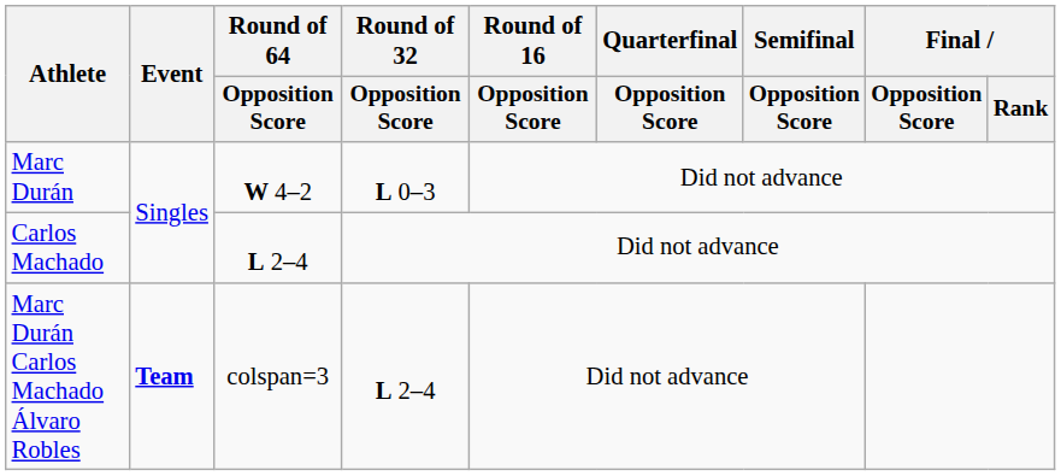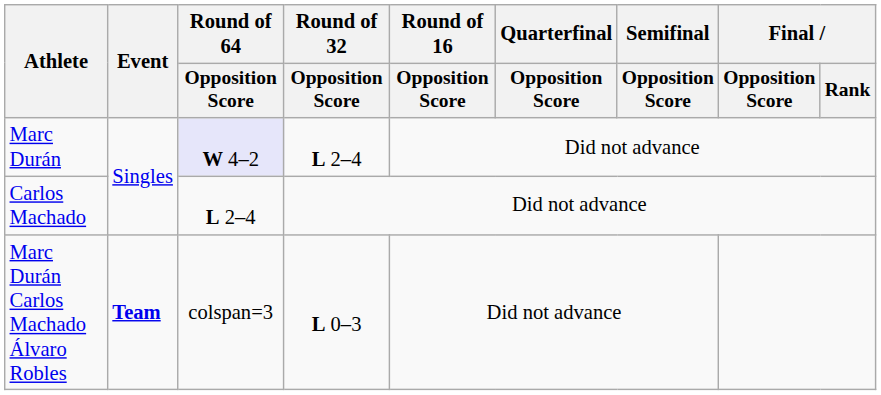 <table class=wikitable style="font-size:90%">
 <tr>
 <th rowspan=2>Athlete</th>
 <th rowspan=2>Event</th>
 <th>Round of 64</th>
 <th>Round of 32</th>
 <th>Round of 16</th>
 <th>Quarterfinal</th>
 <th>Semifinal</th>
 <th colspan=2>Final / </th>
 </tr>
 <tr style="font-size:95%">
 <th>Opposition<br>Score</th>
 <th>Opposition<br>Score</th>
 <th>Opposition<br>Score</th>
 <th>Opposition<br>Score</th>
 <th>Opposition<br>Score</th>
 <th>Opposition<br>Score</th>
 <th>Rank</th>
 </tr>
 <tr align=center>
 <td align=left><a href='#'>Marc Durán</a></td>
 <td align=left rowspan=2><a href='#'>Singles</a></td>
-<td><br><strong>W</strong> 4–2</td>
-<td><br><strong>L</strong> 0–3</td>
+<td style="background: lavender;"><br><strong>W</strong> 4–2</td>
+<td><br><strong>L</strong> 2–4</td>
 <td colspan=5>Did not advance</td>
 </tr>
 <tr align=center>
 <td align=left><a href='#'>Carlos Machado</a></td>
 <td><br><strong>L</strong> 2–4</td>
 <td colspan=6>Did not advance</td>
 </tr>
 <tr align=center>
 <td align=left><a href='#'>Marc Durán</a><br><a href='#'>Carlos Machado</a><br><a href='#'>Álvaro Robles</a></td>
 <td align=left><strong><a href='#'>Team</a></strong></td>
 <td>colspan=3 </td>
-<td><br><strong>L</strong> 2–4</td>
+<td><br><strong>L</strong> 0–3</td>
 <td colspan=3>Did not advance</td>
 </tr>
 </table>
